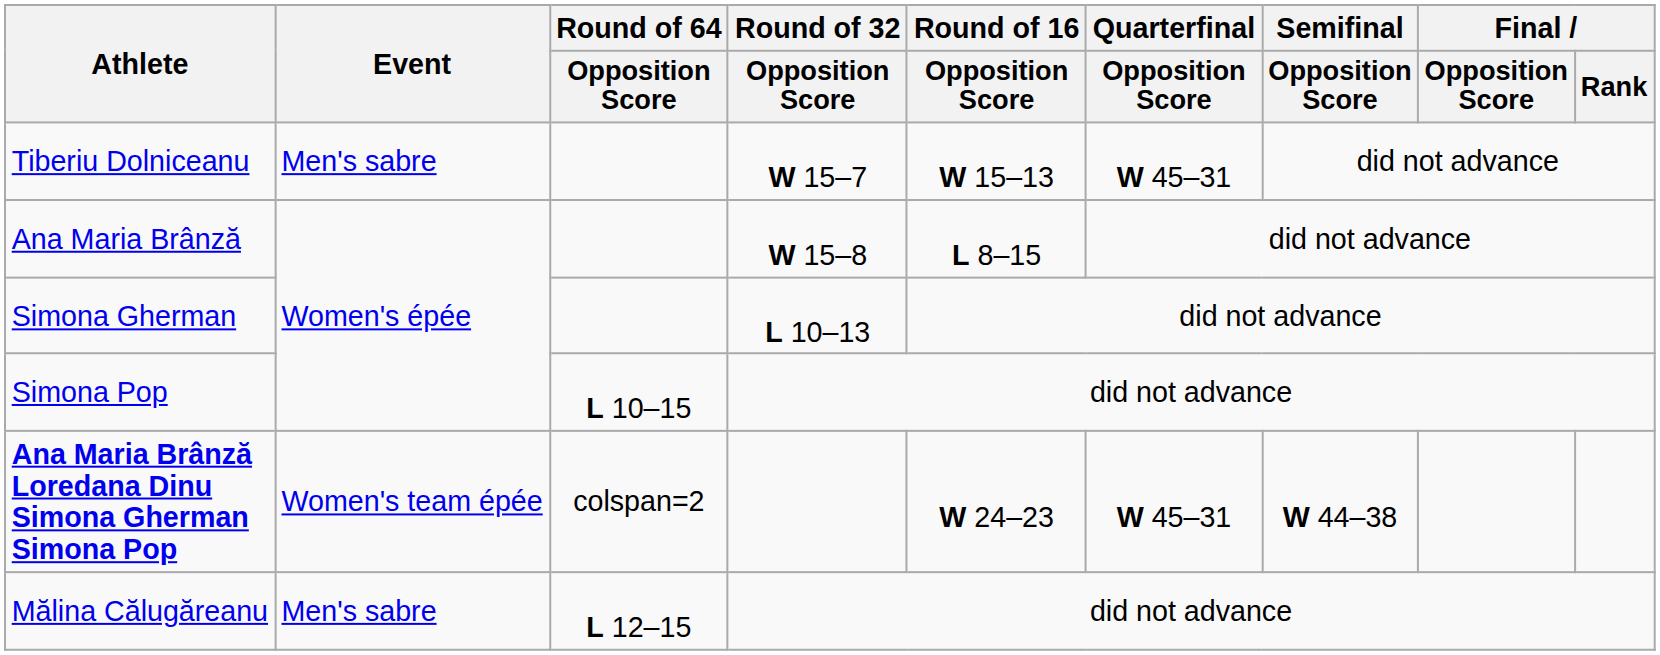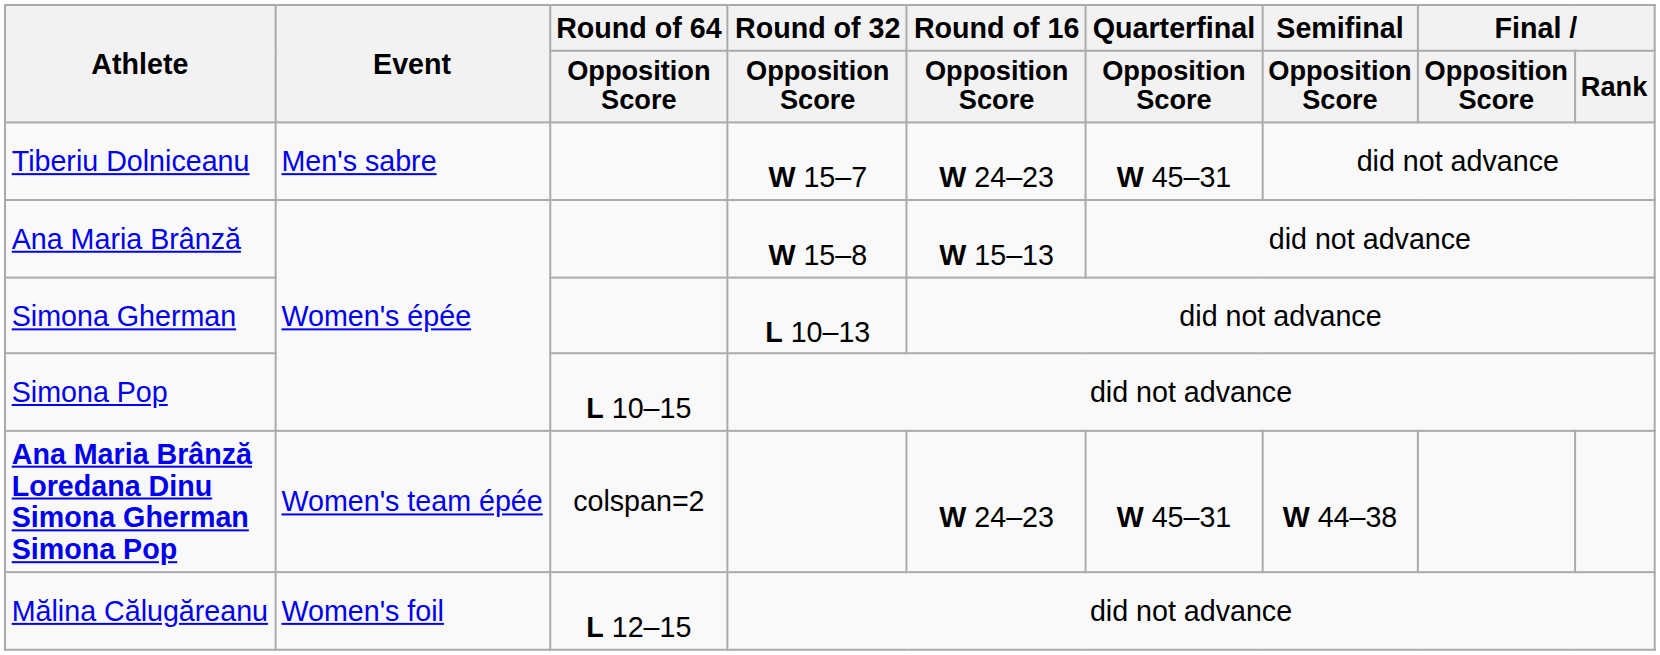 <table class="wikitable" style="font-size:90%">
 <tr>
 <th rowspan=2>Athlete</th>
 <th rowspan=2>Event</th>
 <th>Round of 64</th>
 <th>Round of 32</th>
 <th>Round of 16</th>
 <th>Quarterfinal</th>
 <th>Semifinal</th>
 <th colspan=2>Final / </th>
 </tr>
 <tr style="font-size:95%">
 <th>Opposition<br>Score</th>
 <th>Opposition<br>Score</th>
 <th>Opposition<br>Score</th>
 <th>Opposition<br>Score</th>
 <th>Opposition<br>Score</th>
 <th>Opposition<br>Score</th>
 <th>Rank</th>
 </tr>
 <tr align=center>
 <td align=left><a href='#'>Tiberiu Dolniceanu</a></td>
 <td align=left><a href='#'>Men's sabre</a></td>
 <td></td>
 <td><br><strong>W</strong> 15–7</td>
-<td><br><strong>W</strong> 15–13</td>
+<td><br><strong>W</strong> 24–23</td>
 <td><br><strong>W</strong> 45–31</td>
 <td colspan=3>did not advance</td>
 </tr>
 <tr align=center>
 <td align=left><a href='#'>Ana Maria Brânză</a></td>
 <td align=left rowspan=3><a href='#'>Women's épée</a></td>
 <td></td>
 <td><br><strong>W</strong> 15–8</td>
-<td><br><strong>L</strong> 8–15</td>
+<td><br><strong>W</strong> 15–13</td>
 <td colspan=4>did not advance</td>
 </tr>
 <tr align=center>
 <td align=left><a href='#'>Simona Gherman</a></td>
 <td></td>
 <td><br><strong>L</strong> 10–13</td>
 <td colspan=5>did not advance</td>
 </tr>
 <tr align=center>
 <td align=left><a href='#'>Simona Pop</a></td>
 <td><br><strong>L</strong> 10–15</td>
 <td colspan=6>did not advance</td>
 </tr>
 <tr align=center>
 <td align=left><strong><a href='#'>Ana Maria Brânză</a><br><a href='#'>Loredana Dinu</a><br><a href='#'>Simona Gherman</a><br><a href='#'>Simona Pop</a></strong></td>
 <td align=left><a href='#'>Women's team épée</a></td>
 <td>colspan=2 </td>
 <td></td>
 <td><br><strong>W</strong> 24–23</td>
 <td><br><strong>W</strong> 45–31</td>
 <td><br><strong>W</strong> 44–38</td>
 <td></td>
 </tr>
 <tr align=center>
 <td align=left><a href='#'>Mălina Călugăreanu</a></td>
-<td align=left><a href='#'>Men's sabre</a></td>
+<td align=left><a href='#'>Women's foil</a></td>
 <td><br><strong>L</strong> 12–15</td>
 <td colspan=6>did not advance</td>
 </tr>
 </table>
